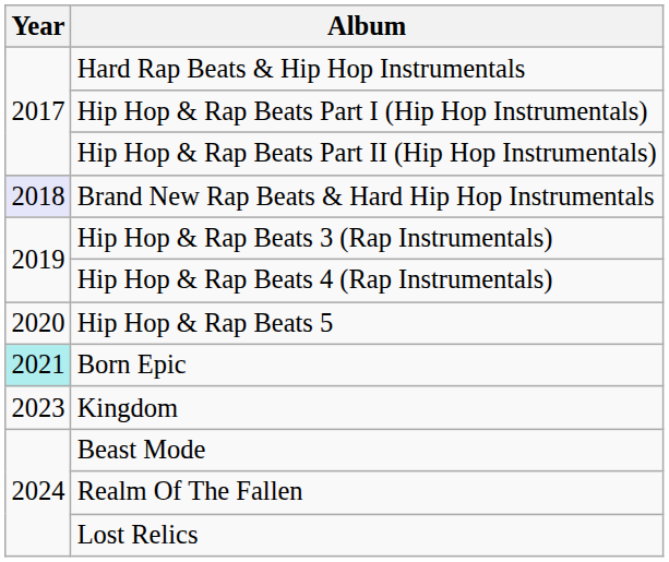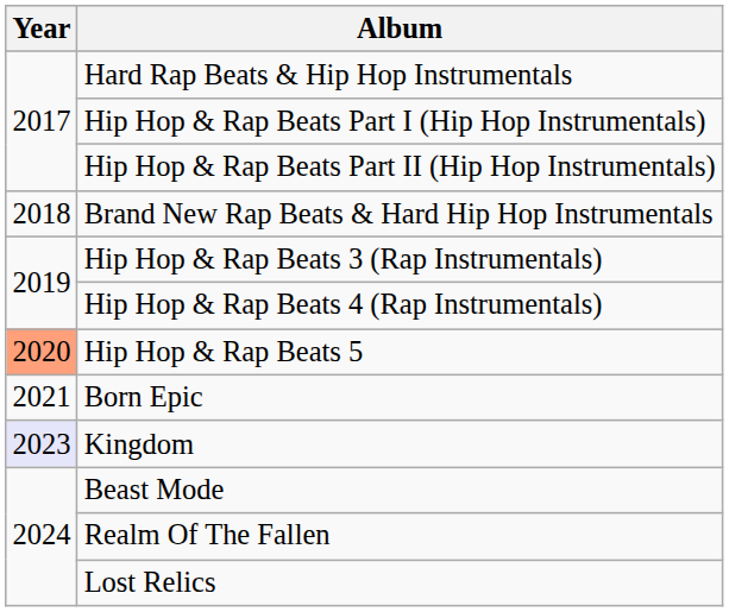 <table class="wikitable">
 <tr>
 <th>Year</th>
 <th>Album</th>
 </tr>
 <tr>
 <td rowspan="3">2017</td>
 <td>Hard Rap Beats & Hip Hop Instrumentals</td>
 </tr>
 <tr>
 <td>Hip Hop & Rap Beats Part I (Hip Hop Instrumentals)</td>
 </tr>
 <tr>
 <td>Hip Hop & Rap Beats Part II (Hip Hop Instrumentals)</td>
 </tr>
 <tr>
-<td style="background: lavender;">2018</td>
+<td>2018</td>
 <td>Brand New Rap Beats & Hard Hip Hop Instrumentals</td>
 </tr>
 <tr>
 <td rowspan="2">2019</td>
 <td>Hip Hop & Rap Beats 3 (Rap Instrumentals)</td>
 </tr>
 <tr>
 <td>Hip Hop & Rap Beats 4 (Rap Instrumentals)</td>
 </tr>
 <tr>
-<td>2020</td>
+<td style="background: lightsalmon;">2020</td>
 <td>Hip Hop & Rap Beats 5</td>
 </tr>
 <tr>
-<td style="background: paleturquoise;">2021</td>
+<td>2021</td>
 <td>Born Epic</td>
 </tr>
 <tr>
-<td>2023</td>
+<td style="background: lavender;">2023</td>
 <td>Kingdom</td>
 </tr>
 <tr>
 <td rowspan="3">2024</td>
 <td>Beast Mode</td>
 </tr>
 <tr>
 <td>Realm Of The Fallen</td>
 </tr>
 <tr>
 <td>Lost Relics</td>
 </tr>
 </table>
